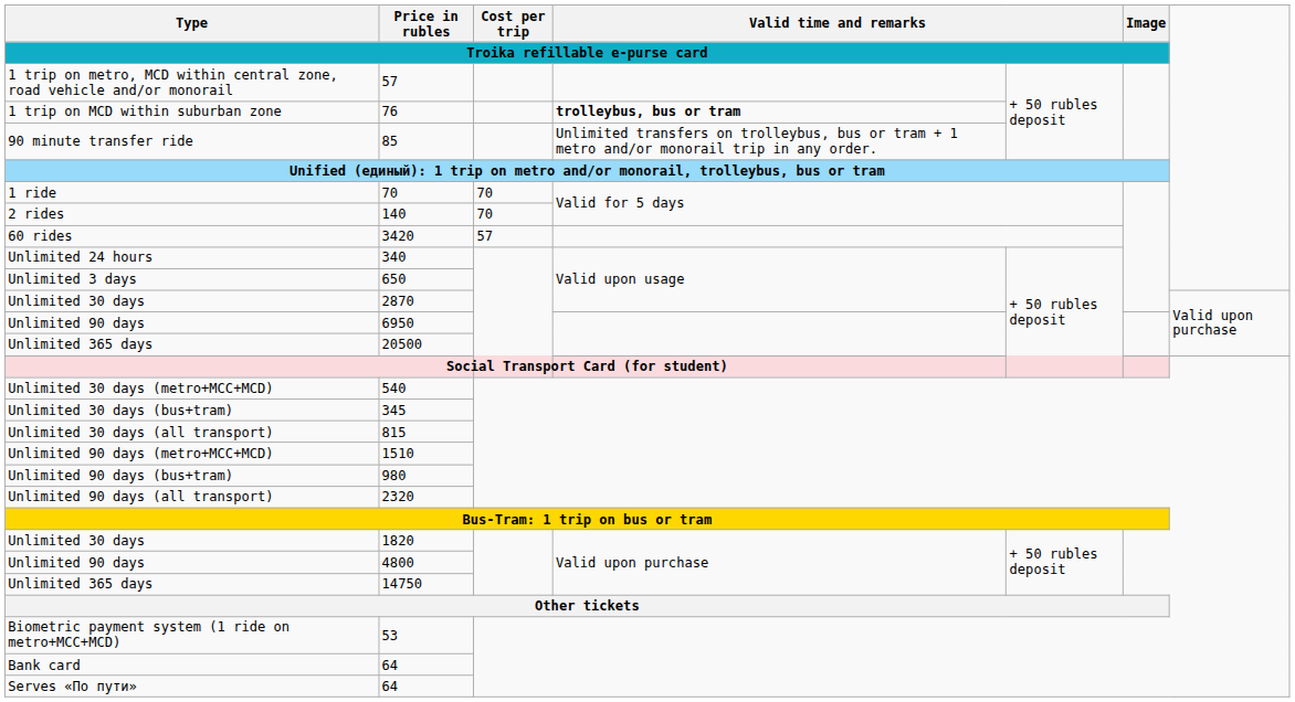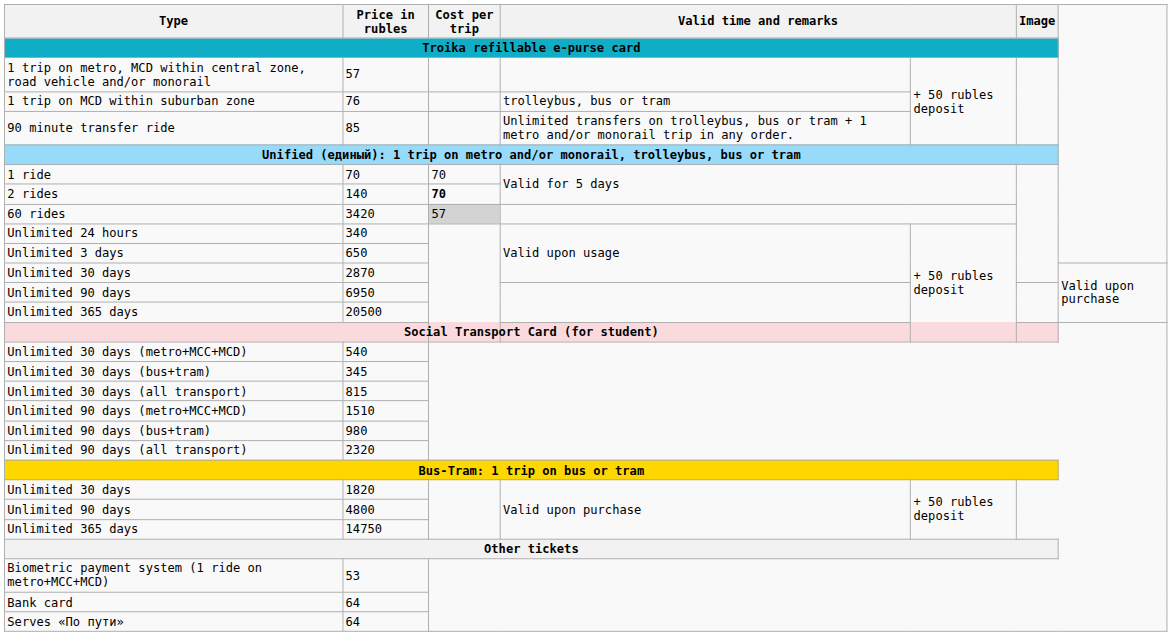 <table class="wikitable">
 <tr>
 <th>Type</th>
 <th>Price in rubles</th>
 <th>Cost per trip</th>
 <th colspan=2>Valid time and remarks</th>
 <th>Image</th>
 </tr>
 <tr>
 <th colspan=6 style="background:#0FAEC6">Troika refillable e-purse card</th>
 </tr>
 <tr>
 <td>1 trip on metro, MCD within central zone, road vehicle and/or monorail</td>
 <td>57</td>
 <td></td>
 <td></td>
 <td rowspan=3>+ 50 rubles deposit</td>
 <td rowspan=3></td>
 </tr>
 <tr>
 <td>1 trip on MCD within suburban zone</td>
 <td>76</td>
 <td></td>
-<td><strong>trolleybus, bus or tram</strong></td>
+<td>trolleybus, bus or tram</td>
 </tr>
 <tr>
 <td>90 minute transfer ride</td>
 <td>85</td>
 <td></td>
 <td>Unlimited transfers on trolleybus, bus or tram + 1 metro and/or monorail trip in any order.</td>
 </tr>
 <tr>
 <th colspan=6 style="background:#98DAF9">Unified (единый): 1 trip on metro and/or monorail, trolleybus, bus or tram</th>
 </tr>
 <tr>
 <td>1 ride</td>
 <td>70</td>
 <td>70</td>
 <td colspan="2" rowspan="2">Valid for 5 days</td>
 <td rowspan="6"></td>
 </tr>
 <tr>
 <td>2 rides</td>
 <td>140</td>
-<td>70</td>
+<td><strong>70</strong></td>
 </tr>
 <tr>
 <td>60 rides</td>
 <td>3420</td>
-<td>57</td>
+<td style="background: lightgrey;">57</td>
 </tr>
 <tr>
 <td>Unlimited 24 hours</td>
 <td>340</td>
 <td rowspan="6"></td>
 <td rowspan="3">Valid upon usage</td>
 <td rowspan="6">+ 50 rubles deposit</td>
 </tr>
 <tr>
 <td>Unlimited 3 days</td>
 <td>650</td>
 </tr>
 <tr>
 <td>Unlimited 30 days</td>
 <td>2870</td>
 <td rowspan="3">Valid upon purchase</td>
 </tr>
 <tr>
 <td>Unlimited 90 days</td>
 <td>6950</td>
 </tr>
 <tr>
 <td>Unlimited 365 days</td>
 <td>20500</td>
 </tr>
 <tr>
 <th colspan=6 style="background:#FADADD">Social Transport Card (for student)</th>
 </tr>
 <tr>
 <td>Unlimited 30 days (metro+MCC+MCD)</td>
 <td>540</td>
 </tr>
 <tr>
 <td>Unlimited 30 days (bus+tram)</td>
 <td>345</td>
 </tr>
 <tr>
 <td>Unlimited 30 days (all transport)</td>
 <td>815</td>
 </tr>
 <tr>
 <td>Unlimited 90 days (metro+MCC+MCD)</td>
 <td>1510</td>
 </tr>
 <tr>
 <td>Unlimited 90 days (bus+tram)</td>
 <td>980</td>
 </tr>
 <tr>
 <td>Unlimited 90 days (all transport)</td>
 <td>2320</td>
 </tr>
 <tr>
 <th colspan=6 style="background:#FFD700">Bus-Tram: 1 trip on bus or tram</th>
 </tr>
 <tr>
 <td>Unlimited 30 days</td>
 <td>1820</td>
 <td rowspan="3"></td>
 <td rowspan=3>Valid upon purchase</td>
 <td rowspan=3>+ 50 rubles deposit</td>
 </tr>
 <tr>
 <td>Unlimited 90 days</td>
 <td>4800</td>
 </tr>
 <tr>
 <td>Unlimited 365 days</td>
 <td>14750</td>
 </tr>
 <tr>
 <th colspan=6>Other tickets</th>
 </tr>
 <tr>
 <td>Biometric payment system (1 ride on metro+MCC+MCD)</td>
 <td>53</td>
 </tr>
 <tr>
 <td>Bank card</td>
 <td>64</td>
 </tr>
 <tr>
 <td>Serves «По пути»</td>
 <td>64</td>
 </tr>
 </table>
